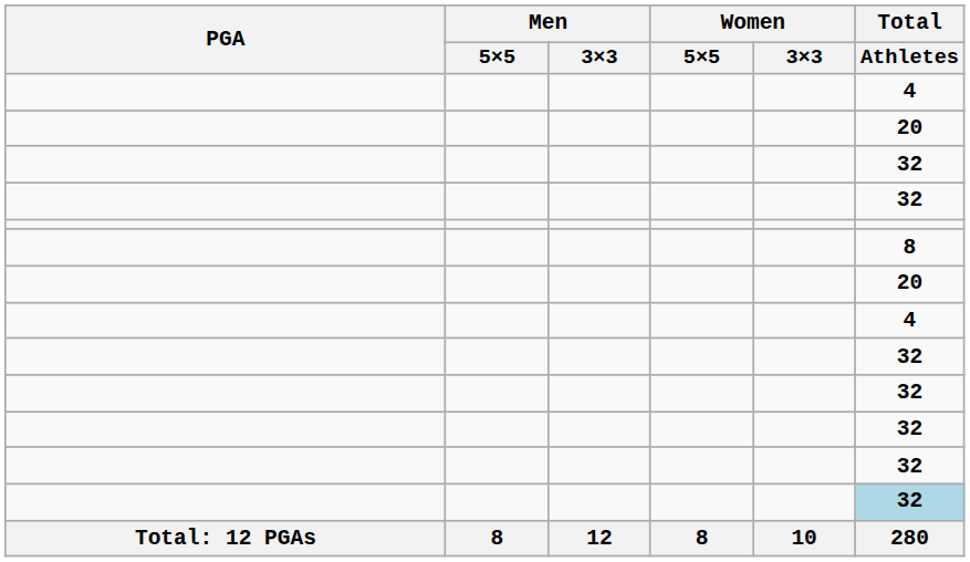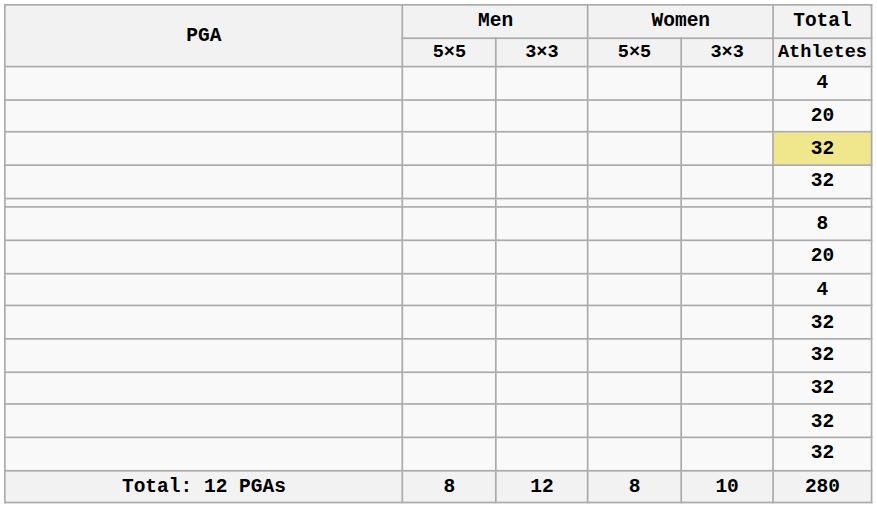 <table class="wikitable sortable" width=520 style="text-align:center; font-size:90%">
 <tr>
 <th rowspan="2" style="text-align:center;">PGA</th>
 <th colspan="2">Men</th>
 <th colspan="2">Women</th>
 <th colspan="1">Total</th>
 </tr>
 <tr style="font-size:95%">
 <th width=50>5×5</th>
 <th width=50>3×3</th>
 <th width=50>5×5</th>
 <th width=50>3×3</th>
 <th width=50>Athletes</th>
 </tr>
 <tr>
 <td style="text-align:left;"></td>
 <td></td>
 <td></td>
 <td></td>
 <td></td>
 <td><strong>4</strong></td>
 </tr>
 <tr>
 <td style="text-align:left;"></td>
 <td></td>
 <td></td>
 <td></td>
 <td></td>
 <td><strong>20</strong></td>
 </tr>
 <tr>
 <td style="text-align:left;"></td>
 <td></td>
 <td></td>
 <td></td>
 <td></td>
-<td><strong>32</strong></td>
+<td style="background: khaki;"><strong>32</strong></td>
 </tr>
 <tr>
 <td style="text-align:left;"></td>
 <td></td>
 <td></td>
 <td></td>
 <td></td>
 <td><strong>32</strong></td>
 </tr>
 <tr>
 <td style="text-align:left;"></td>
 <td></td>
 <td></td>
 <td></td>
 <td></td>
 <td></td>
 </tr>
 <tr>
 <td style="text-align:left;"></td>
 <td></td>
 <td></td>
 <td></td>
 <td></td>
 <td><strong>8</strong></td>
 </tr>
 <tr>
 <td style="text-align:left;"></td>
 <td></td>
 <td></td>
 <td></td>
 <td></td>
 <td><strong>20</strong></td>
 </tr>
 <tr>
 <td style="text-align:left;"></td>
 <td></td>
 <td></td>
 <td></td>
 <td></td>
 <td><strong>4</strong></td>
 </tr>
 <tr>
 <td style="text-align:left;"></td>
 <td></td>
 <td></td>
 <td></td>
 <td></td>
 <td><strong>32</strong></td>
 </tr>
 <tr>
 <td style="text-align:left;"></td>
 <td></td>
 <td></td>
 <td></td>
 <td></td>
 <td><strong>32</strong></td>
 </tr>
 <tr>
 <td style="text-align:left;"></td>
 <td></td>
 <td></td>
 <td></td>
 <td></td>
 <td><strong>32</strong></td>
 </tr>
 <tr>
 <td style="text-align:left;"></td>
 <td></td>
 <td></td>
 <td></td>
 <td></td>
 <td><strong>32</strong></td>
 </tr>
 <tr>
 <td style="text-align:left;"></td>
 <td></td>
 <td></td>
 <td></td>
 <td></td>
-<td style="background: lightblue;"><strong>32</strong></td>
+<td><strong>32</strong></td>
 </tr>
 <tr>
 <th>Total: 12 PGAs</th>
 <th>8</th>
 <th>12</th>
 <th>8</th>
 <th>10</th>
 <th>280</th>
 </tr>
 </table>
